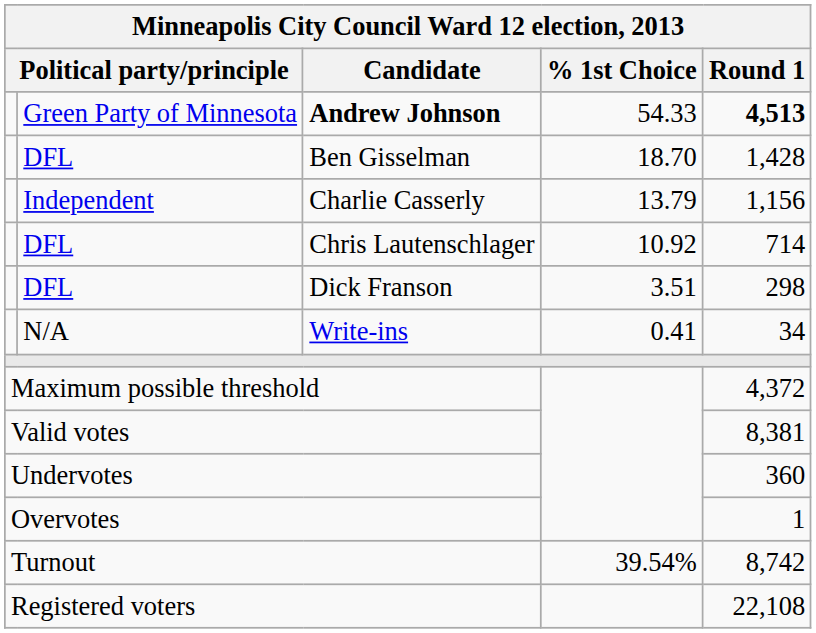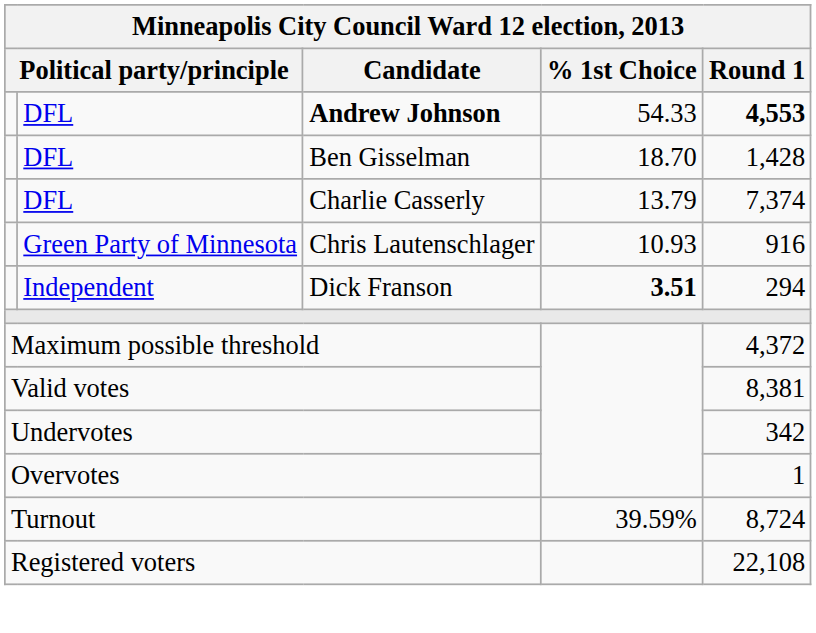 <table class="wikitable" style="font-size:95%">
 <tr>
 <th colspan="5">Minneapolis City Council Ward 12 election, 2013</th>
 </tr>
 <tr>
 <th colspan="2">Political party/principle</th>
 <th>Candidate</th>
 <th>% 1st Choice</th>
 <th>Round 1</th>
 </tr>
 <tr>
 <td style="background-color:"></td>
-<td><a href='#'>Green Party of Minnesota</a></td>
+<td><a href='#'>DFL</a></td>
 <td><strong>Andrew Johnson</strong></td>
 <td align="right">54.33</td>
-<td align="right"><strong>4,513</strong></td>
+<td align="right"><strong>4,553</strong></td>
 </tr>
 <tr>
 <td style="background-color:"></td>
 <td><a href='#'>DFL</a></td>
 <td>Ben Gisselman</td>
 <td align="right">18.70</td>
 <td align="right">1,428</td>
 </tr>
 <tr>
 <td style="background-color:"></td>
-<td><a href='#'>Independent</a></td>
+<td><a href='#'>DFL</a></td>
 <td>Charlie Casserly</td>
 <td align="right">13.79</td>
-<td align="right">1,156</td>
+<td align="right">7,374</td>
 </tr>
 <tr>
 <td style="background-color:"></td>
-<td><a href='#'>DFL</a></td>
+<td><a href='#'>Green Party of Minnesota</a></td>
 <td>Chris Lautenschlager</td>
-<td align="right">10.92</td>
-<td align="right">714</td>
+<td align="right">10.93</td>
+<td align="right">916</td>
 </tr>
 <tr>
 <td style="background-color:"></td>
-<td><a href='#'>DFL</a></td>
+<td><a href='#'>Independent</a></td>
 <td>Dick Franson</td>
-<td align="right">3.51</td>
-<td align="right">298</td>
-</tr>
-<tr>
-<td style="background-color:"></td>
-<td>N/A</td>
-<td><a href='#'>Write-ins</a></td>
-<td align="right">0.41</td>
-<td align="right">34</td>
+<td align="right"><strong>3.51</strong></td>
+<td align="right">294</td>
 </tr>
 <tr>
 <td colspan="5" style="background: #E9E9E9"></td>
 </tr>
 <tr>
 <td colspan="3">Maximum possible threshold</td>
 <td rowspan="4"></td>
 <td align="right">4,372</td>
 </tr>
 <tr>
 <td colspan="3">Valid votes</td>
 <td align="right">8,381</td>
 </tr>
 <tr>
 <td colspan="3">Undervotes</td>
-<td align="right">360</td>
+<td align="right">342</td>
 </tr>
 <tr>
 <td colspan="3">Overvotes</td>
 <td align="right">1</td>
 </tr>
 <tr>
 <td colspan="3">Turnout</td>
-<td align="right">39.54%</td>
-<td align="right">8,742</td>
+<td align="right">39.59%</td>
+<td align="right">8,724</td>
 </tr>
 <tr>
 <td colspan="3">Registered voters</td>
 <td></td>
 <td align="right">22,108</td>
 </tr>
 </table>
